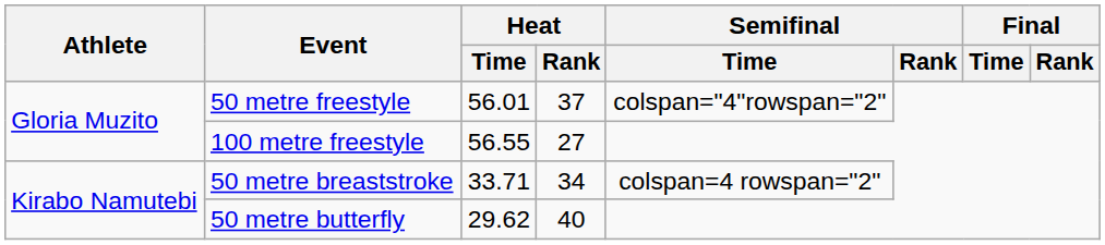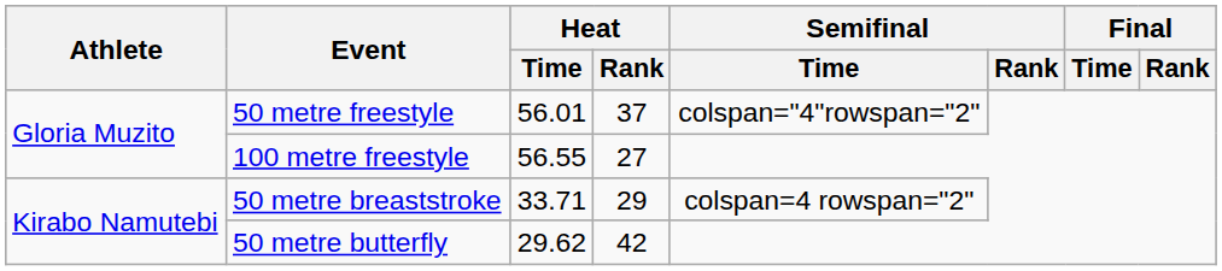 <table class="wikitable" style="text-align:center; font-size:90%; width:50%;">
 <tr>
 <th rowspan="2">Athlete</th>
 <th rowspan="2">Event</th>
 <th colspan="2">Heat</th>
 <th colspan="2">Semifinal</th>
 <th colspan="2">Final</th>
 </tr>
 <tr style="font-size:95%">
 <th>Time</th>
 <th>Rank</th>
 <th>Time</th>
 <th>Rank</th>
 <th>Time</th>
 <th>Rank</th>
 </tr>
 <tr align=center>
 <td align=left rowspan="2"><a href='#'>Gloria Muzito</a></td>
 <td align=left><a href='#'>50 metre freestyle</a></td>
 <td>56.01</td>
 <td>37</td>
 <td>colspan="4"rowspan="2" </td>
 </tr>
 <tr align=center>
 <td align=left><a href='#'>100 metre freestyle</a></td>
 <td>56.55</td>
 <td>27</td>
 </tr>
 <tr align=center>
 <td align=left rowspan=2><a href='#'>Kirabo Namutebi</a></td>
 <td align=left><a href='#'>50 metre breaststroke</a></td>
 <td>33.71</td>
-<td>34</td>
+<td>29</td>
 <td>colspan=4 rowspan="2"</td>
 </tr>
 <tr align=center>
 <td align=left><a href='#'>50 metre butterfly</a></td>
 <td>29.62</td>
-<td>40</td>
+<td>42</td>
 </tr>
 </table>
